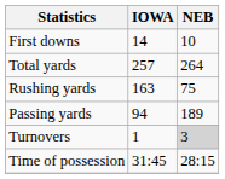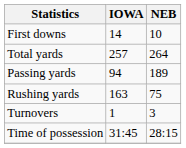 <table class="wikitable">
 <tr>
 <th>Statistics</th>
 <th>IOWA</th>
 <th>NEB</th>
 </tr>
 <tr>
 <td>First downs</td>
 <td>14</td>
 <td>10</td>
 </tr>
 <tr>
 <td>Total yards</td>
 <td>257</td>
 <td>264</td>
 </tr>
 <tr>
+<td>Passing yards</td>
+<td>94</td>
+<td>189</td>
+</tr>
+<tr>
 <td>Rushing yards</td>
 <td>163</td>
 <td>75</td>
 </tr>
 <tr>
-<td>Passing yards</td>
-<td>94</td>
-<td>189</td>
-</tr>
-<tr>
 <td>Turnovers</td>
 <td>1</td>
-<td style="background: lightgrey;">3</td>
+<td>3</td>
 </tr>
 <tr>
 <td>Time of possession</td>
 <td>31:45</td>
 <td>28:15</td>
 </tr>
 <tr>
 </tr>
 </table>
